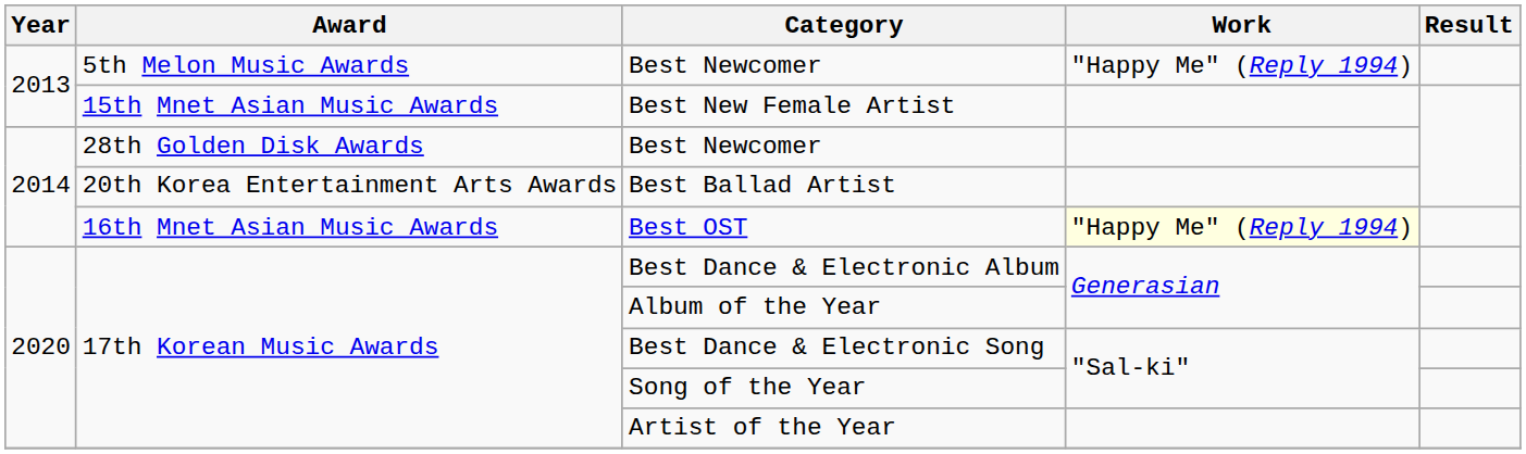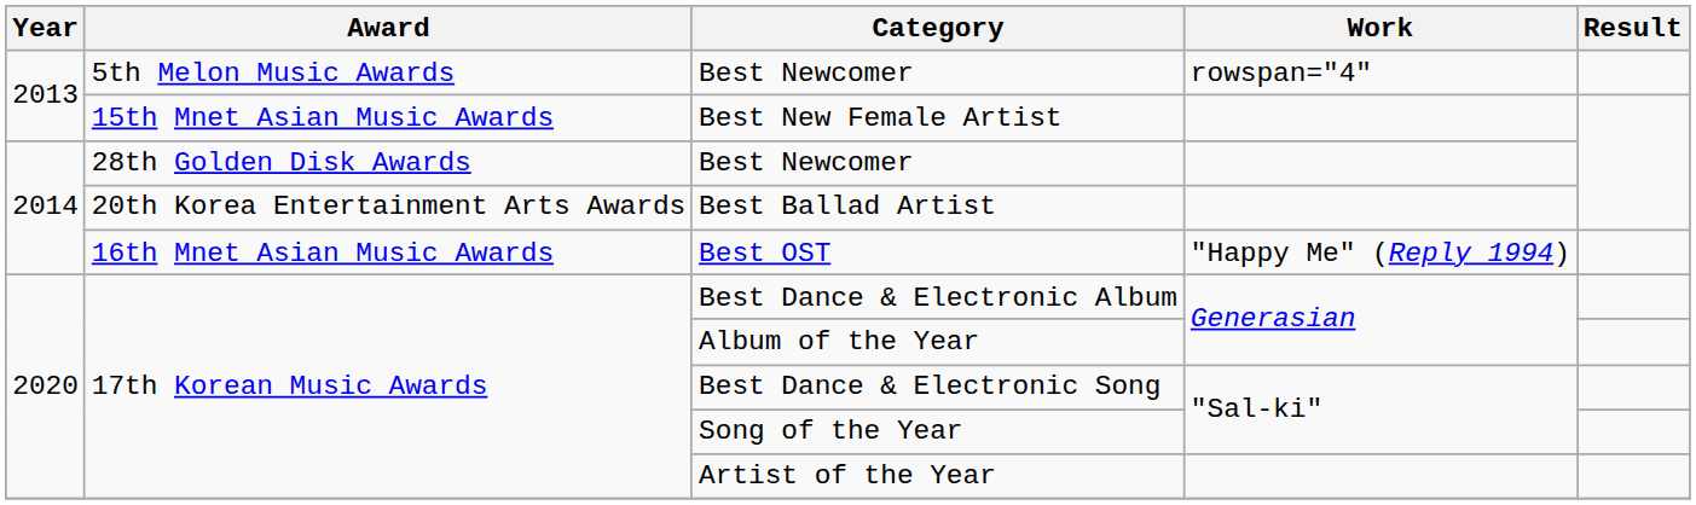 <table class="wikitable">
 <tr>
 <th scope="col">Year</th>
 <th scope="col">Award</th>
 <th scope="col">Category</th>
 <th scope="col">Work</th>
 <th scope="col">Result</th>
 </tr>
 <tr>
 <td rowspan="2" style="text-align:center;">2013</td>
 <td>5th <a href='#'>Melon Music Awards</a></td>
 <td>Best Newcomer</td>
-<td>"Happy Me" (<em><a href='#'>Reply 1994</a></em>)</td>
+<td>rowspan="4"</td>
 <td></td>
 </tr>
 <tr>
 <td><a href='#'>15th</a> <a href='#'>Mnet Asian Music Awards</a></td>
 <td>Best New Female Artist</td>
 <td></td>
 </tr>
 <tr>
 <td rowspan="3" style="text-align:center;">2014</td>
 <td>28th <a href='#'>Golden Disk Awards</a></td>
 <td>Best Newcomer</td>
 <td></td>
 </tr>
 <tr>
 <td>20th Korea Entertainment Arts Awards</td>
 <td>Best Ballad Artist</td>
 <td></td>
 </tr>
 <tr>
 <td><a href='#'>16th</a> <a href='#'>Mnet Asian Music Awards</a></td>
 <td><a href='#'>Best OST</a></td>
-<td style="background: lightyellow;">"Happy Me" (<em><a href='#'>Reply 1994</a></em>)</td>
+<td>"Happy Me" (<em><a href='#'>Reply 1994</a></em>)</td>
 <td></td>
 </tr>
 <tr>
 <td rowspan="5" style="text-align:center;">2020</td>
 <td rowspan="5">17th <a href='#'>Korean Music Awards</a></td>
 <td>Best Dance & Electronic Album</td>
 <td rowspan="2"><em><a href='#'>Generasian</a></em></td>
 <td></td>
 </tr>
 <tr>
 <td>Album of the Year</td>
 <td></td>
 </tr>
 <tr>
 <td>Best Dance & Electronic Song</td>
 <td rowspan="2">"Sal-ki"</td>
 <td></td>
 </tr>
 <tr>
 <td>Song of the Year</td>
 <td></td>
 </tr>
 <tr>
 <td>Artist of the Year</td>
 <td></td>
 <td></td>
 </tr>
 <tr>
 </tr>
 </table>
